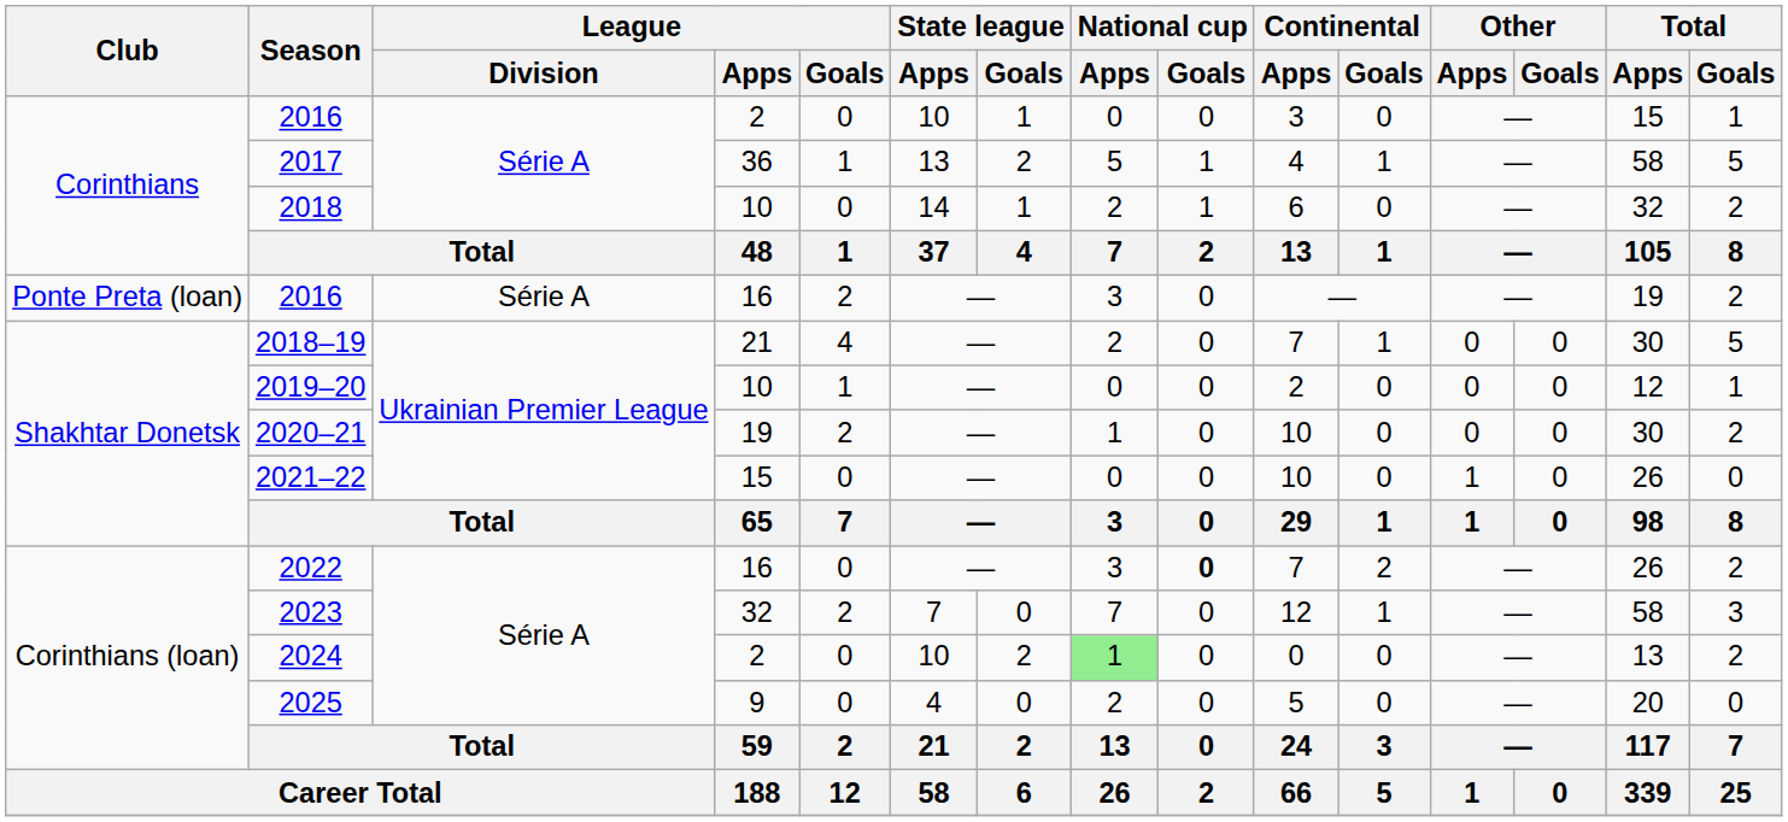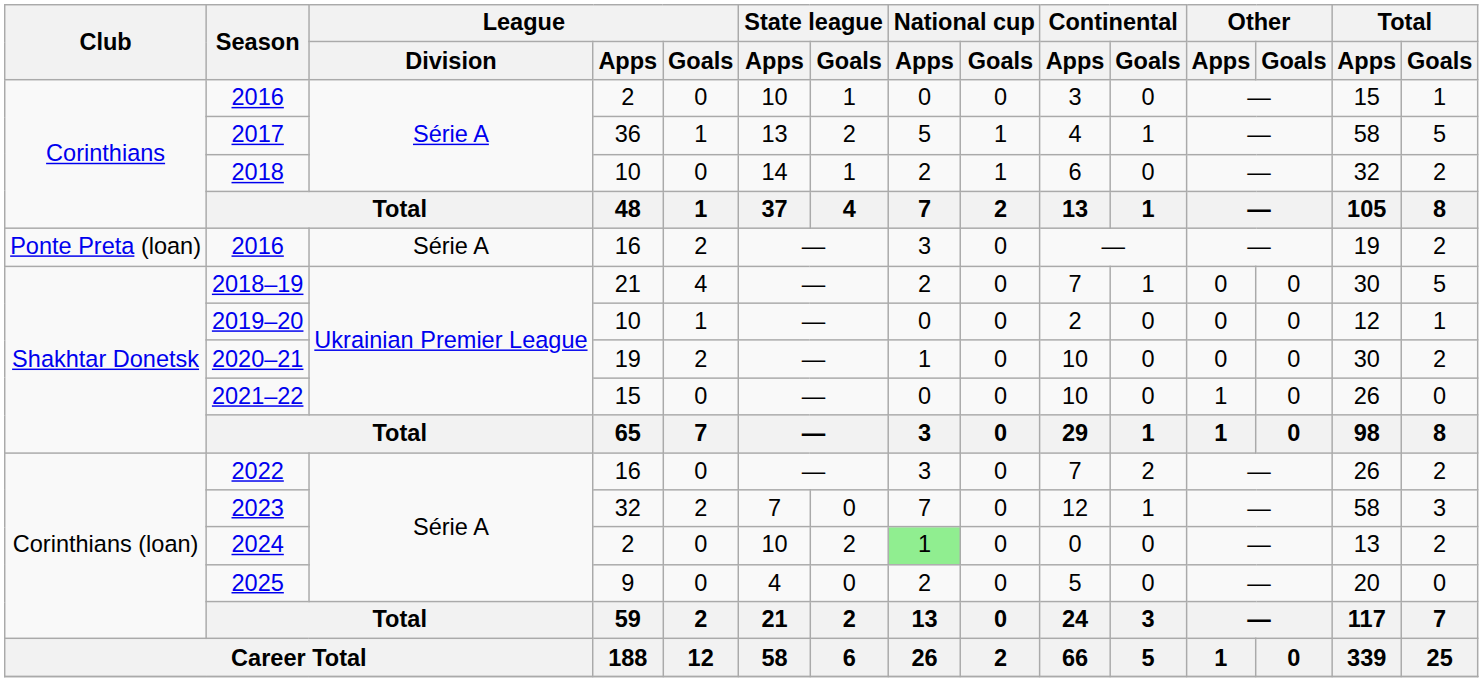 <table class="wikitable" style="text-align: center;">
 <tr>
 <th rowspan="2">Club</th>
 <th rowspan="2">Season</th>
 <th colspan="3">League</th>
 <th colspan="2">State league</th>
 <th colspan="2">National cup</th>
 <th colspan="2">Continental</th>
 <th colspan="2">Other</th>
 <th colspan="2">Total</th>
 </tr>
 <tr>
 <th>Division</th>
 <th>Apps</th>
 <th>Goals</th>
 <th>Apps</th>
 <th>Goals</th>
 <th>Apps</th>
 <th>Goals</th>
 <th>Apps</th>
 <th>Goals</th>
 <th>Apps</th>
 <th>Goals</th>
 <th>Apps</th>
 <th>Goals</th>
 </tr>
 <tr>
 <td rowspan="4"><a href='#'>Corinthians</a></td>
 <td><a href='#'>2016</a></td>
 <td rowspan="3"><a href='#'>Série A</a></td>
 <td>2</td>
 <td>0</td>
 <td>10</td>
 <td>1</td>
 <td>0</td>
 <td>0</td>
 <td>3</td>
 <td>0</td>
 <td colspan="2">—</td>
 <td>15</td>
 <td>1</td>
 </tr>
 <tr>
 <td><a href='#'>2017</a></td>
 <td>36</td>
 <td>1</td>
 <td>13</td>
 <td>2</td>
 <td>5</td>
 <td>1</td>
 <td>4</td>
 <td>1</td>
 <td colspan="2">—</td>
 <td>58</td>
 <td>5</td>
 </tr>
 <tr>
 <td><a href='#'>2018</a></td>
 <td>10</td>
 <td>0</td>
 <td>14</td>
 <td>1</td>
 <td>2</td>
 <td>1</td>
 <td>6</td>
 <td>0</td>
 <td colspan="2">—</td>
 <td>32</td>
 <td>2</td>
 </tr>
 <tr>
 <th colspan="2">Total</th>
 <th>48</th>
 <th>1</th>
 <th>37</th>
 <th>4</th>
 <th>7</th>
 <th>2</th>
 <th>13</th>
 <th>1</th>
 <th colspan="2">—</th>
 <th>105</th>
 <th>8</th>
 </tr>
 <tr>
 <td><a href='#'>Ponte Preta</a> (loan)</td>
 <td><a href='#'>2016</a></td>
 <td>Série A</td>
 <td>16</td>
 <td>2</td>
 <td colspan="2">—</td>
 <td>3</td>
 <td>0</td>
 <td colspan="2">—</td>
 <td colspan="2">—</td>
 <td>19</td>
 <td>2</td>
 </tr>
 <tr>
 <td rowspan="5"><a href='#'>Shakhtar Donetsk</a></td>
 <td><a href='#'>2018–19</a></td>
 <td rowspan="4"><a href='#'>Ukrainian Premier League</a></td>
 <td>21</td>
 <td>4</td>
 <td colspan="2">—</td>
 <td>2</td>
 <td>0</td>
 <td>7</td>
 <td>1</td>
 <td>0</td>
 <td>0</td>
 <td>30</td>
 <td>5</td>
 </tr>
 <tr>
 <td><a href='#'>2019–20</a></td>
 <td>10</td>
 <td>1</td>
 <td colspan="2">—</td>
 <td>0</td>
 <td>0</td>
 <td>2</td>
 <td>0</td>
 <td>0</td>
 <td>0</td>
 <td>12</td>
 <td>1</td>
 </tr>
 <tr>
 <td><a href='#'>2020–21</a></td>
 <td>19</td>
 <td>2</td>
 <td colspan="2">—</td>
 <td>1</td>
 <td>0</td>
 <td>10</td>
 <td>0</td>
 <td>0</td>
 <td>0</td>
 <td>30</td>
 <td>2</td>
 </tr>
 <tr>
 <td><a href='#'>2021–22</a></td>
 <td>15</td>
 <td>0</td>
 <td colspan="2">—</td>
 <td>0</td>
 <td>0</td>
 <td>10</td>
 <td>0</td>
 <td>1</td>
 <td>0</td>
 <td>26</td>
 <td>0</td>
 </tr>
 <tr>
 <th colspan="2">Total</th>
 <th>65</th>
 <th>7</th>
 <th colspan="2">—</th>
 <th>3</th>
 <th>0</th>
 <th>29</th>
 <th>1</th>
 <th>1</th>
 <th>0</th>
 <th>98</th>
 <th>8</th>
 </tr>
 <tr>
 <td rowspan="5">Corinthians (loan)</td>
 <td><a href='#'>2022</a></td>
 <td rowspan="4">Série A</td>
 <td>16</td>
 <td>0</td>
 <td colspan="2">—</td>
 <td>3</td>
-<td><strong>0</strong></td>
+<td>0</td>
 <td>7</td>
 <td>2</td>
 <td colspan="2">—</td>
 <td>26</td>
 <td>2</td>
 </tr>
 <tr>
 <td><a href='#'>2023</a></td>
 <td>32</td>
 <td>2</td>
 <td>7</td>
 <td>0</td>
 <td>7</td>
 <td>0</td>
 <td>12</td>
 <td>1</td>
 <td colspan="2">—</td>
 <td>58</td>
 <td>3</td>
 </tr>
 <tr>
 <td><a href='#'>2024</a></td>
 <td>2</td>
 <td>0</td>
 <td>10</td>
 <td>2</td>
 <td style="background: lightgreen;">1</td>
 <td>0</td>
 <td>0</td>
 <td>0</td>
 <td colspan="2">—</td>
 <td>13</td>
 <td>2</td>
 </tr>
 <tr>
 <td><a href='#'>2025</a></td>
 <td>9</td>
 <td>0</td>
 <td>4</td>
 <td>0</td>
 <td>2</td>
 <td>0</td>
 <td>5</td>
 <td>0</td>
 <td colspan="2">—</td>
 <td>20</td>
 <td>0</td>
 </tr>
 <tr>
 <th colspan="2">Total</th>
 <th>59</th>
 <th>2</th>
 <th>21</th>
 <th>2</th>
 <th>13</th>
 <th>0</th>
 <th>24</th>
 <th>3</th>
 <th colspan="2">—</th>
 <th>117</th>
 <th>7</th>
 </tr>
 <tr>
 <th colspan="3">Career Total</th>
 <th>188</th>
 <th>12</th>
 <th>58</th>
 <th>6</th>
 <th>26</th>
 <th>2</th>
 <th>66</th>
 <th>5</th>
 <th>1</th>
 <th>0</th>
 <th>339</th>
 <th>25</th>
 </tr>
 <tr>
 </tr>
 </table>
